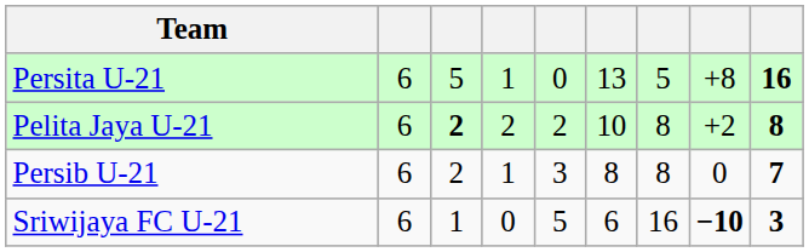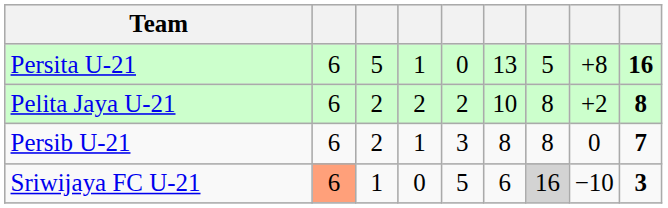 <table class="wikitable" style="text-align:center">
 <tr>
 <th width=190>Team</th>
 <th width=20></th>
 <th width=20></th>
 <th width=20></th>
 <th width=20></th>
 <th width=20></th>
 <th width=20></th>
 <th width=20></th>
 <th width=20></th>
 </tr>
 <tr bgcolor="#ccffcc">
 <td align=left><a href='#'>Persita U-21</a></td>
 <td>6</td>
 <td>5</td>
 <td>1</td>
 <td>0</td>
 <td>13</td>
 <td>5</td>
 <td>+8</td>
 <td><strong>16</strong></td>
 </tr>
 <tr bgcolor="#ccffcc">
 <td align=left><a href='#'>Pelita Jaya U-21</a></td>
 <td>6</td>
-<td><strong>2</strong></td>
+<td>2</td>
 <td>2</td>
 <td>2</td>
 <td>10</td>
 <td>8</td>
 <td>+2</td>
 <td><strong>8</strong></td>
 </tr>
 <tr>
 <td align=left><a href='#'>Persib U-21</a></td>
 <td>6</td>
 <td>2</td>
 <td>1</td>
 <td>3</td>
 <td>8</td>
 <td>8</td>
 <td>0</td>
 <td><strong>7</strong></td>
 </tr>
 <tr>
 <td align=left><a href='#'>Sriwijaya FC U-21</a></td>
-<td>6</td>
+<td style="background: lightsalmon;">6</td>
 <td>1</td>
 <td>0</td>
 <td>5</td>
 <td>6</td>
-<td>16</td>
-<td><strong>−10</strong></td>
+<td style="background: lightgrey;">16</td>
+<td>−10</td>
 <td><strong>3</strong></td>
 </tr>
 </table>
